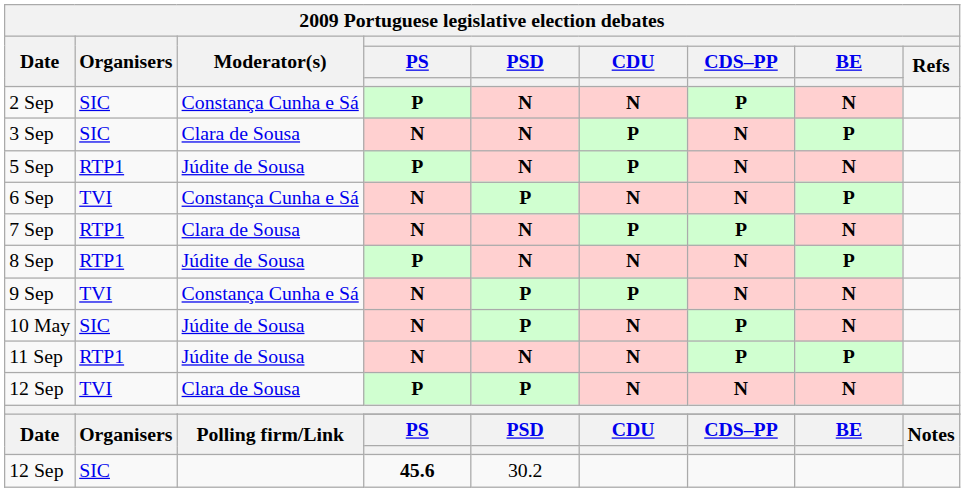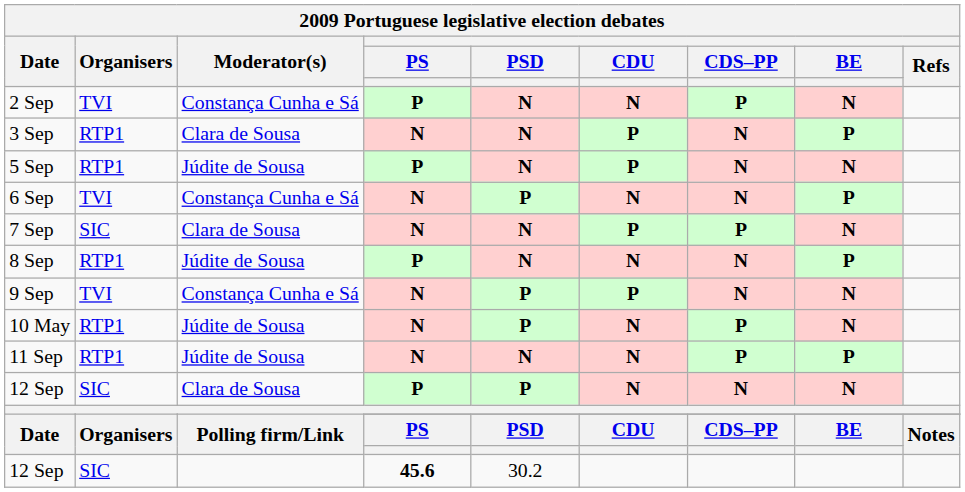 <table class="wikitable" style="font-size:98%; text-align:center;">
 <tr>
 <th colspan="21">2009 Portuguese legislative election debates</th>
 </tr>
 <tr>
 <th rowspan="3">Date</th>
 <th rowspan="3">Organisers</th>
 <th rowspan="3">Moderator(s)</th>
 <th colspan="19">      </th>
 </tr>
 <tr>
 <th scope="col" style="width:5em;"><a href='#'>PS</a><br></th>
 <th scope="col" style="width:5em;"><a href='#'>PSD</a><br></th>
 <th scope="col" style="width:5em;"><a href='#'>CDU</a><br></th>
 <th scope="col" style="width:5em;"><a href='#'>CDS–PP</a><br></th>
 <th scope="col" style="width:5em;"><a href='#'>BE</a><br></th>
 <th rowspan="2">Refs</th>
 </tr>
 <tr>
 <th style="background:"></th>
 <th style="background:"></th>
 <th style="background:"></th>
 <th style="background:"></th>
 <th style="background:"></th>
 </tr>
 <tr>
 <td style="white-space:nowrap; text-align:left;">2 Sep</td>
-<td style="white-space:nowrap; text-align:left;"><a href='#'>SIC</a></td>
+<td style="white-space:nowrap; text-align:left;"><a href='#'>TVI</a></td>
 <td style="white-space:nowrap; text-align:left;"><a href='#'>Constança Cunha e Sá</a></td>
 <td style="background:#D0FFD0;"><strong>P</strong></td>
 <td style="background:#FFD0D0;"><strong>N</strong></td>
 <td style="background:#FFD0D0;"><strong>N</strong></td>
 <td style="background:#D0FFD0;"><strong>P</strong></td>
 <td style="background:#FFD0D0;"><strong>N</strong></td>
 <td></td>
 </tr>
 <tr>
 <td style="white-space:nowrap; text-align:left;">3 Sep</td>
-<td style="white-space:nowrap; text-align:left;"><a href='#'>SIC</a></td>
+<td style="white-space:nowrap; text-align:left;"><a href='#'>RTP1</a></td>
 <td style="white-space:nowrap; text-align:left;"><a href='#'>Clara de Sousa</a></td>
 <td style="background:#FFD0D0;"><strong>N</strong></td>
 <td style="background:#FFD0D0;"><strong>N</strong></td>
 <td style="background:#D0FFD0;"><strong>P</strong></td>
 <td style="background:#FFD0D0;"><strong>N</strong></td>
 <td style="background:#D0FFD0;"><strong>P</strong></td>
 <td></td>
 </tr>
 <tr>
 <td style="white-space:nowrap; text-align:left;">5 Sep</td>
 <td style="white-space:nowrap; text-align:left;"><a href='#'>RTP1</a></td>
 <td style="white-space:nowrap; text-align:left;"><a href='#'>Júdite de Sousa</a></td>
 <td style="background:#D0FFD0;"><strong>P</strong></td>
 <td style="background:#FFD0D0;"><strong>N</strong></td>
 <td style="background:#D0FFD0;"><strong>P</strong></td>
 <td style="background:#FFD0D0;"><strong>N</strong></td>
 <td style="background:#FFD0D0;"><strong>N</strong></td>
 <td></td>
 </tr>
 <tr>
 <td style="white-space:nowrap; text-align:left;">6 Sep</td>
 <td style="white-space:nowrap; text-align:left;"><a href='#'>TVI</a></td>
 <td style="white-space:nowrap; text-align:left;"><a href='#'>Constança Cunha e Sá</a></td>
 <td style="background:#FFD0D0;"><strong>N</strong></td>
 <td style="background:#D0FFD0;"><strong>P</strong></td>
 <td style="background:#FFD0D0;"><strong>N</strong></td>
 <td style="background:#FFD0D0;"><strong>N</strong></td>
 <td style="background:#D0FFD0;"><strong>P</strong></td>
 <td></td>
 </tr>
 <tr>
 <td style="white-space:nowrap; text-align:left;">7 Sep</td>
-<td style="white-space:nowrap; text-align:left;"><a href='#'>RTP1</a></td>
+<td style="white-space:nowrap; text-align:left;"><a href='#'>SIC</a></td>
 <td style="white-space:nowrap; text-align:left;"><a href='#'>Clara de Sousa</a></td>
 <td style="background:#FFD0D0;"><strong>N</strong></td>
 <td style="background:#FFD0D0;"><strong>N</strong></td>
 <td style="background:#D0FFD0;"><strong>P</strong></td>
 <td style="background:#D0FFD0;"><strong>P</strong></td>
 <td style="background:#FFD0D0;"><strong>N</strong></td>
 <td></td>
 </tr>
 <tr>
 <td style="white-space:nowrap; text-align:left;">8 Sep</td>
 <td style="white-space:nowrap; text-align:left;"><a href='#'>RTP1</a></td>
 <td style="white-space:nowrap; text-align:left;"><a href='#'>Júdite de Sousa</a></td>
 <td style="background:#D0FFD0;"><strong>P</strong></td>
 <td style="background:#FFD0D0;"><strong>N</strong></td>
 <td style="background:#FFD0D0;"><strong>N</strong></td>
 <td style="background:#FFD0D0;"><strong>N</strong></td>
 <td style="background:#D0FFD0;"><strong>P</strong></td>
 <td></td>
 </tr>
 <tr>
 <td style="white-space:nowrap; text-align:left;">9 Sep</td>
 <td style="white-space:nowrap; text-align:left;"><a href='#'>TVI</a></td>
 <td style="white-space:nowrap; text-align:left;"><a href='#'>Constança Cunha e Sá</a></td>
 <td style="background:#FFD0D0;"><strong>N</strong></td>
 <td style="background:#D0FFD0;"><strong>P</strong></td>
 <td style="background:#D0FFD0;"><strong>P</strong></td>
 <td style="background:#FFD0D0;"><strong>N</strong></td>
 <td style="background:#FFD0D0;"><strong>N</strong></td>
 <td></td>
 </tr>
 <tr>
 <td style="white-space:nowrap; text-align:left;">10 May</td>
-<td style="white-space:nowrap; text-align:left;"><a href='#'>SIC</a></td>
+<td style="white-space:nowrap; text-align:left;"><a href='#'>RTP1</a></td>
 <td style="white-space:nowrap; text-align:left;"><a href='#'>Júdite de Sousa</a></td>
 <td style="background:#FFD0D0;"><strong>N</strong></td>
 <td style="background:#D0FFD0;"><strong>P</strong></td>
 <td style="background:#FFD0D0;"><strong>N</strong></td>
 <td style="background:#D0FFD0;"><strong>P</strong></td>
 <td style="background:#FFD0D0;"><strong>N</strong></td>
 <td></td>
 </tr>
 <tr>
 <td style="white-space:nowrap; text-align:left;">11 Sep</td>
 <td style="white-space:nowrap; text-align:left;"><a href='#'>RTP1</a></td>
 <td style="white-space:nowrap; text-align:left;"><a href='#'>Júdite de Sousa</a></td>
 <td style="background:#FFD0D0;"><strong>N</strong></td>
 <td style="background:#FFD0D0;"><strong>N</strong></td>
 <td style="background:#FFD0D0;"><strong>N</strong></td>
 <td style="background:#D0FFD0;"><strong>P</strong></td>
 <td style="background:#D0FFD0;"><strong>P</strong></td>
 <td></td>
 </tr>
 <tr>
 <td style="white-space:nowrap; text-align:left;">12 Sep</td>
-<td style="white-space:nowrap; text-align:left;"><a href='#'>TVI</a></td>
+<td style="white-space:nowrap; text-align:left;"><a href='#'>SIC</a></td>
 <td style="white-space:nowrap; text-align:left;"><a href='#'>Clara de Sousa</a></td>
 <td style="background:#D0FFD0;"><strong>P</strong></td>
 <td style="background:#D0FFD0;"><strong>P</strong></td>
 <td style="background:#FFD0D0;"><strong>N</strong></td>
 <td style="background:#FFD0D0;"><strong>N</strong></td>
 <td style="background:#FFD0D0;"><strong>N</strong></td>
 <td></td>
 </tr>
 <tr>
 <th colspan="9"></th>
 </tr>
 <tr>
 <th rowspan="3">Date</th>
 <th rowspan="3">Organisers</th>
 <th rowspan="3">Polling firm/Link</th>
 </tr>
 <tr>
 <th scope="col" style="width:5em;"><a href='#'>PS</a></th>
 <th scope="col" style="width:5em;"><a href='#'>PSD</a></th>
 <th scope="col" style="width:5em;"><a href='#'>CDU</a></th>
 <th scope="col" style="width:5em;"><a href='#'>CDS–PP</a></th>
 <th scope="col" style="width:5em;"><a href='#'>BE</a></th>
 <th rowspan="2">Notes</th>
 </tr>
 <tr>
 <th style="background:"></th>
 <th style="background:"></th>
 <th style="background:"></th>
 <th style="background:"></th>
 <th style="background:"></th>
 </tr>
 <tr>
 <td style="white-space:nowrap; text-align:left;">12 Sep</td>
 <td style="white-space:nowrap; text-align:left;"><a href='#'>SIC</a></td>
 <td></td>
 <td><strong>45.6</strong></td>
 <td>30.2</td>
 <td></td>
 <td></td>
 <td></td>
 <td></td>
 </tr>
 </table>
